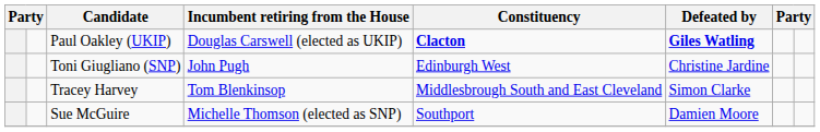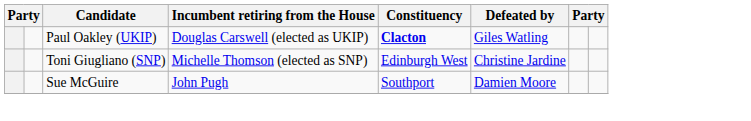 <table class="wikitable sortable" style="font-size: 95%;">
 <tr>
 <th colspan="2">Party</th>
 <th>Candidate</th>
 <th>Incumbent retiring from the House</th>
 <th>Constituency</th>
 <th>Defeated by</th>
 <th colspan="2">Party</th>
 </tr>
 <tr>
 <th style="background-color: "></th>
 <td></td>
 <td data-sort-value="Oakley, Paul">Paul Oakley (<a href='#'>UKIP</a>)</td>
 <td data-sort-value="Carswell, Douglas"><a href='#'>Douglas Carswell</a> (elected as UKIP)</td>
 <td><strong><a href='#'>Clacton</a></strong></td>
-<td data-sort-value="Watling, Giles"><strong><a href='#'>Giles Watling</a></strong></td>
+<td data-sort-value="Watling, Giles"><a href='#'>Giles Watling</a></td>
 <td style="background-color: "></td>
 <td></td>
 </tr>
 <tr>
 <th style="background-color: "></th>
 <td></td>
 <td data-sort-value="Giugliano, Toni">Toni Giugliano (<a href='#'>SNP</a>)</td>
-<td data-sort-value="Pugh, John"><a href='#'>John Pugh</a></td>
+<td data-sort-value="Thomson, Michelle"><a href='#'>Michelle Thomson</a> (elected as SNP)</td>
 <td><a href='#'>Edinburgh West</a></td>
 <td data-sort-value="Jardine, Christine"><a href='#'>Christine Jardine</a></td>
 <td style="background-color: "></td>
 <td></td>
 </tr>
 <tr>
 <th style="background-color: "></th>
 <td></td>
-<td data-sort-value="Harvey, Tracey">Tracey Harvey</td>
-<td data-sort-value="Blenkinsop, Tom"><a href='#'>Tom Blenkinsop</a></td>
-<td><a href='#'>Middlesbrough South and East Cleveland</a></td>
-<td data-sort-value="Clarke, Simon"><a href='#'>Simon Clarke</a></td>
-<td style="background-color: "></td>
-<td></td>
-</tr>
-<tr>
-<th style="background-color: "></th>
-<td></td>
 <td data-sort-value="McGuire, Sue">Sue McGuire</td>
-<td data-sort-value="Thomson, Michelle"><a href='#'>Michelle Thomson</a> (elected as SNP)</td>
+<td data-sort-value="Pugh, John"><a href='#'>John Pugh</a></td>
 <td><a href='#'>Southport</a></td>
 <td data-sort-value="Moore, Damien"><a href='#'>Damien Moore</a></td>
 <td style="background-color: "></td>
 <td></td>
 </tr>
 <tr>
 </tr>
 </table>
